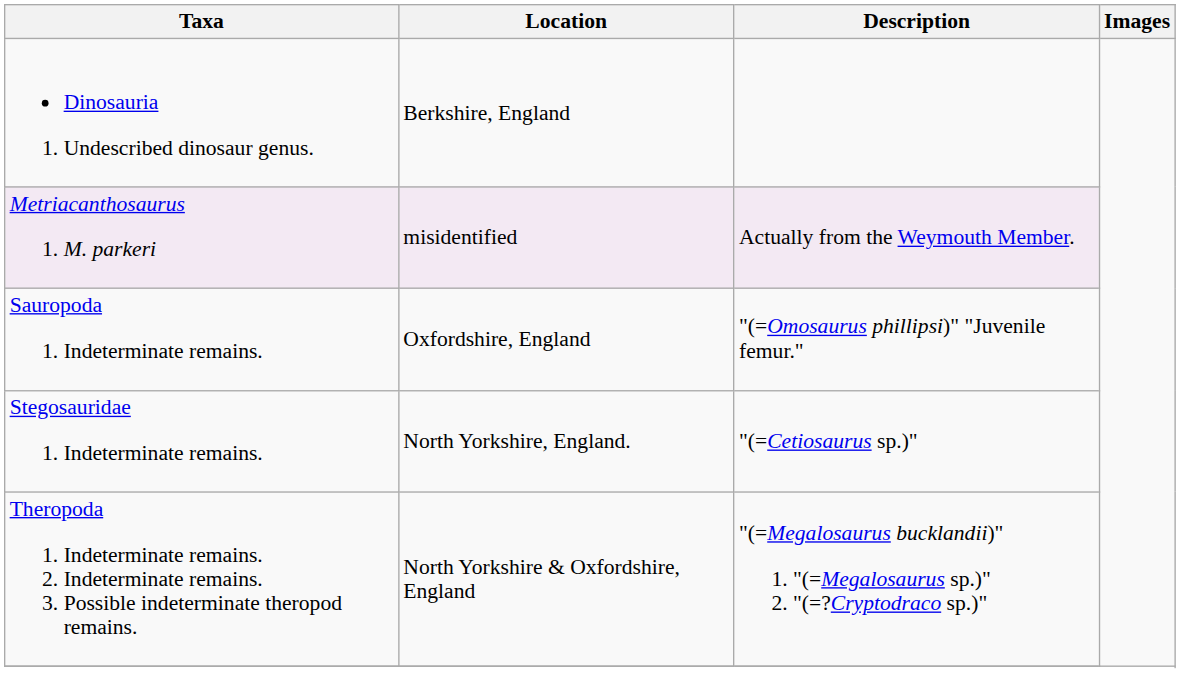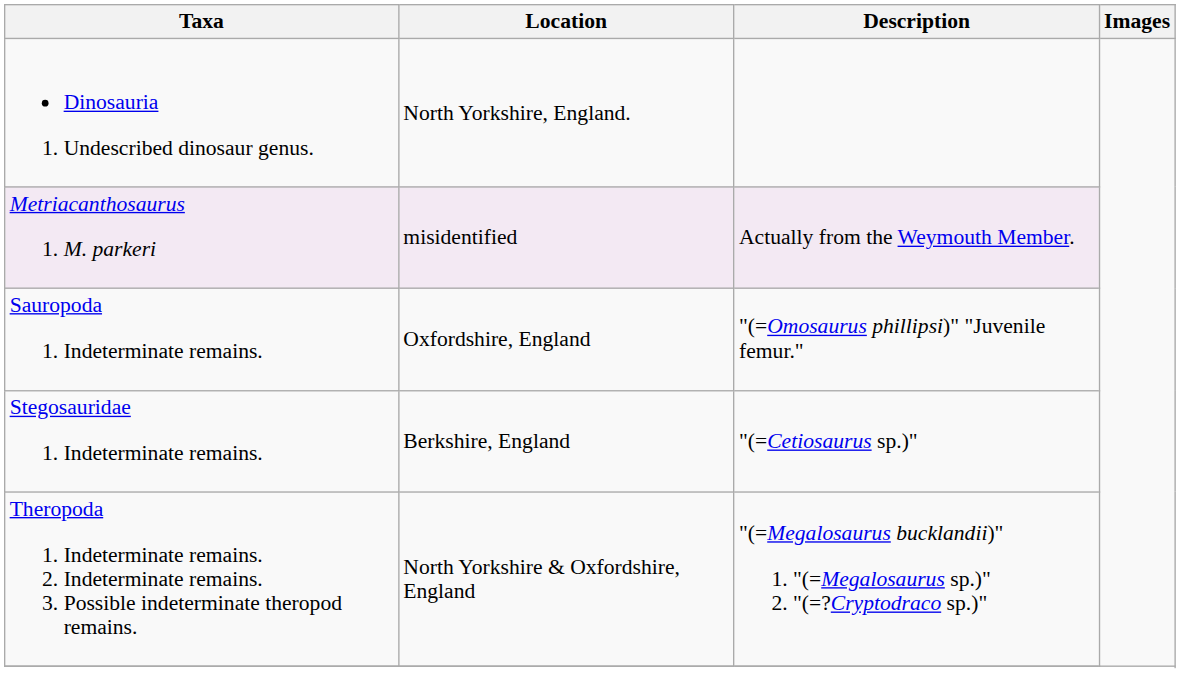 <table class="wikitable" align="center">
 <tr>
 <th>Taxa</th>
 <th>Location</th>
 <th>Description</th>
 <th>Images</th>
 </tr>
 <tr>
 <td><br><ul><li><a href='#'>Dinosauria</a></li></ul><ol><li>Undescribed dinosaur genus.</li></ol></td>
-<td>Berkshire, England</td>
+<td>North Yorkshire, England.</td>
 <td></td>
 <td rowspan="99"><br></td>
 </tr>
 <tr>
 <td style="background:#f3e9f3;"><em><a href='#'>Metriacanthosaurus</a></em><br><ol><li><em>M. parkeri</em></li></ol></td>
 <td style="background:#f3e9f3;">misidentified</td>
 <td style="background:#f3e9f3;">Actually from the <a href='#'>Weymouth Member</a>.</td>
 </tr>
 <tr>
 <td><a href='#'>Sauropoda</a><br><ol><li>Indeterminate remains.</li></ol></td>
 <td>Oxfordshire, England</td>
 <td>"(=<em><a href='#'>Omosaurus</a> phillipsi</em>)" "Juvenile femur."</td>
 </tr>
 <tr>
 <td><a href='#'>Stegosauridae</a><br><ol><li>Indeterminate remains.</li></ol></td>
-<td>North Yorkshire, England.</td>
+<td>Berkshire, England</td>
 <td>"(=<em><a href='#'>Cetiosaurus</a></em> sp.)"</td>
 </tr>
 <tr>
 <td><a href='#'>Theropoda</a><br><ol><li>Indeterminate remains.</li><li>Indeterminate remains.</li><li>Possible indeterminate theropod remains.</li></ol></td>
 <td>North Yorkshire & Oxfordshire, England</td>
 <td>"(=<em><a href='#'>Megalosaurus</a> bucklandii</em>)"<br><ol><li>"(=<em><a href='#'>Megalosaurus</a></em> sp.)"</li><li>"(=?<em><a href='#'>Cryptodraco</a></em> sp.)"</li></ol></td>
 </tr>
 <tr>
 </tr>
 </table>
